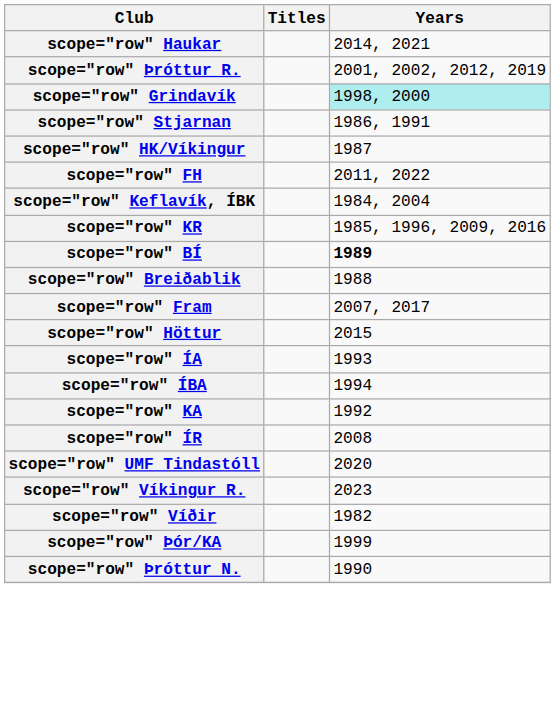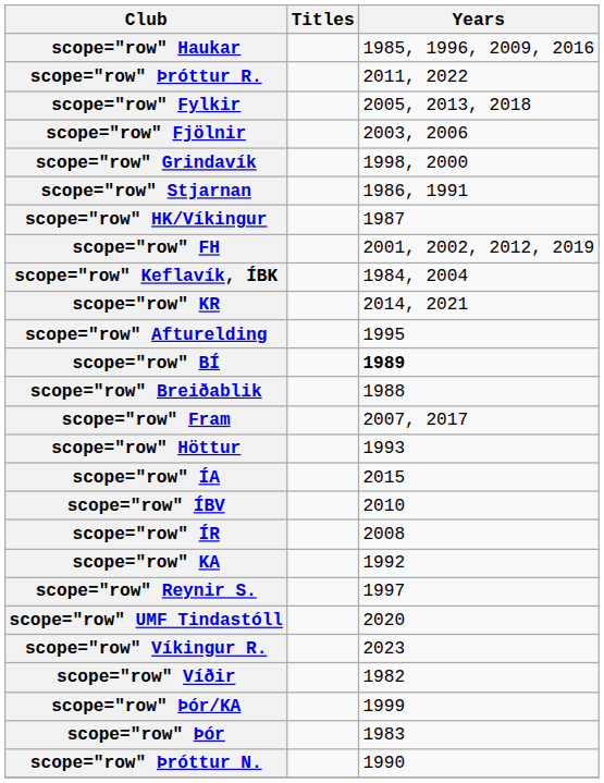 <table class="wikitable">
 <tr>
 <th scope="col">Club</th>
 <th scope="col">Titles</th>
 <th scope="col">Years</th>
 </tr>
 <tr>
 <th>scope="row" <a href='#'>Haukar</a></th>
 <td></td>
-<td>2014, 2021</td>
+<td>1985, 1996, 2009, 2016</td>
 </tr>
 <tr>
 <th>scope="row" <a href='#'>Þróttur R.</a></th>
 <td></td>
-<td>2001, 2002, 2012, 2019</td>
+<td>2011, 2022</td>
+</tr>
+<tr>
+<th>scope="row" <a href='#'>Fylkir</a></th>
+<td></td>
+<td>2005, 2013, 2018</td>
+</tr>
+<tr>
+<th>scope="row" <a href='#'>Fjölnir</a></th>
+<td></td>
+<td>2003, 2006</td>
 </tr>
 <tr>
 <th>scope="row" <a href='#'>Grindavík</a></th>
 <td></td>
-<td style="background: paleturquoise;">1998, 2000</td>
+<td>1998, 2000</td>
 </tr>
 <tr>
 <th>scope="row" <a href='#'>Stjarnan</a></th>
 <td></td>
 <td>1986, 1991</td>
 </tr>
 <tr>
 <th>scope="row" <a href='#'>HK/Víkingur</a></th>
 <td></td>
 <td>1987</td>
 </tr>
 <tr>
 <th>scope="row" <a href='#'>FH</a></th>
 <td></td>
-<td>2011, 2022</td>
+<td>2001, 2002, 2012, 2019</td>
 </tr>
 <tr>
 <th>scope="row" <a href='#'>Keflavík</a>, ÍBK</th>
 <td></td>
 <td>1984, 2004</td>
 </tr>
 <tr>
 <th>scope="row" <a href='#'>KR</a></th>
 <td></td>
-<td>1985, 1996, 2009, 2016</td>
+<td>2014, 2021</td>
+</tr>
+<tr>
+<th>scope="row" <a href='#'>Afturelding</a></th>
+<td></td>
+<td>1995</td>
 </tr>
 <tr>
 <th>scope="row" <a href='#'>BÍ</a></th>
 <td></td>
 <td><strong>1989</strong></td>
 </tr>
 <tr>
 <th>scope="row" <a href='#'>Breiðablik</a></th>
 <td></td>
 <td>1988</td>
 </tr>
 <tr>
 <th>scope="row" <a href='#'>Fram</a></th>
 <td></td>
 <td>2007, 2017</td>
 </tr>
 <tr>
 <th>scope="row" <a href='#'>Höttur</a></th>
 <td></td>
-<td>2015</td>
+<td>1993</td>
 </tr>
 <tr>
 <th>scope="row" <a href='#'>ÍA</a></th>
 <td></td>
-<td>1993</td>
+<td>2015</td>
 </tr>
 <tr>
-<th>scope="row" <a href='#'>ÍBA</a></th>
+<th>scope="row" <a href='#'>ÍBV</a></th>
 <td></td>
-<td>1994</td>
+<td>2010</td>
+</tr>
+<tr>
+<th>scope="row" <a href='#'>ÍR</a></th>
+<td></td>
+<td>2008</td>
 </tr>
 <tr>
 <th>scope="row" <a href='#'>KA</a></th>
 <td></td>
 <td>1992</td>
 </tr>
 <tr>
-<th>scope="row" <a href='#'>ÍR</a></th>
+<th>scope="row" <a href='#'>Reynir S.</a></th>
 <td></td>
-<td>2008</td>
+<td>1997</td>
 </tr>
 <tr>
 <th>scope="row" <a href='#'>UMF Tindastóll</a></th>
 <td></td>
 <td>2020</td>
 </tr>
 <tr>
 <th>scope="row" <a href='#'>Víkingur R.</a></th>
 <td></td>
 <td>2023</td>
 </tr>
 <tr>
 <th>scope="row" <a href='#'>Víðir</a></th>
 <td></td>
 <td>1982</td>
 </tr>
 <tr>
 <th>scope="row" <a href='#'>Þór/KA</a></th>
 <td></td>
 <td>1999</td>
 </tr>
 <tr>
+<th>scope="row" <a href='#'>Þór</a></th>
+<td></td>
+<td>1983</td>
+</tr>
+<tr>
 <th>scope="row" <a href='#'>Þróttur N.</a></th>
 <td></td>
 <td>1990</td>
 </tr>
 <tr>
 </tr>
 </table>
